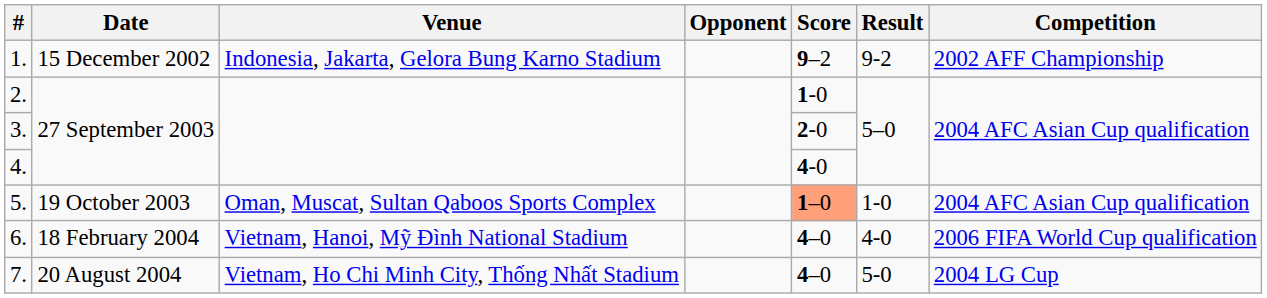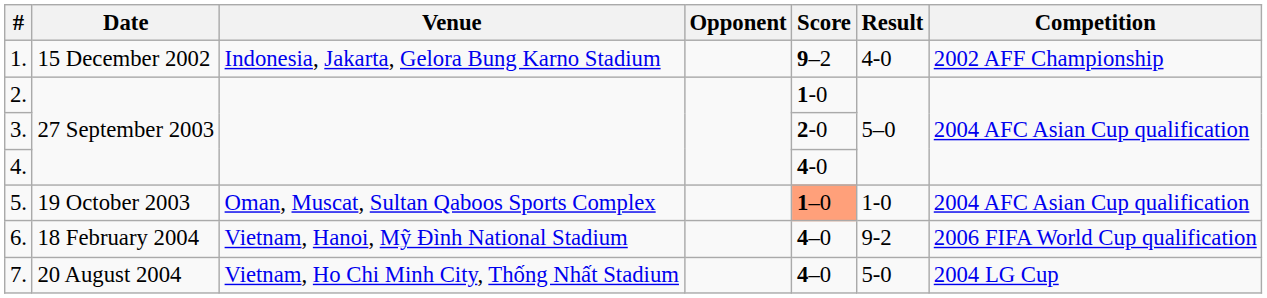 <table class="wikitable collapsible collapsed">
 <tr>
 <th>#</th>
 <th>Date</th>
 <th>Venue</th>
 <th>Opponent</th>
 <th>Score</th>
 <th>Result</th>
 <th>Competition</th>
 </tr>
 <tr>
 <td>1.</td>
 <td>15 December 2002</td>
 <td><a href='#'>Indonesia</a>, <a href='#'>Jakarta</a>, <a href='#'>Gelora Bung Karno Stadium</a></td>
 <td></td>
 <td><strong>9</strong>–2</td>
-<td>9-2</td>
+<td>4-0</td>
 <td><a href='#'>2002 AFF Championship</a></td>
 </tr>
 <tr>
 <td>2.</td>
 <td rowspan="3">27 September 2003</td>
 <td rowspan="3"></td>
 <td rowspan="3"></td>
 <td><strong>1</strong>-0</td>
 <td rowspan="3">5–0</td>
 <td rowspan="3"><a href='#'>2004 AFC Asian Cup qualification</a></td>
 </tr>
 <tr>
 <td>3.</td>
 <td><strong>2</strong>-0</td>
 </tr>
 <tr>
 <td>4.</td>
 <td><strong>4</strong>-0</td>
 </tr>
 <tr>
 <td>5.</td>
 <td>19 October 2003</td>
 <td><a href='#'>Oman</a>, <a href='#'>Muscat</a>, <a href='#'>Sultan Qaboos Sports Complex</a></td>
 <td></td>
 <td style="background: lightsalmon;"><strong>1</strong>–0</td>
 <td>1-0</td>
 <td><a href='#'>2004 AFC Asian Cup qualification</a></td>
 </tr>
 <tr>
 <td>6.</td>
 <td>18 February 2004</td>
 <td><a href='#'>Vietnam</a>, <a href='#'>Hanoi</a>, <a href='#'>Mỹ Đình National Stadium</a></td>
 <td></td>
 <td><strong>4</strong>–0</td>
-<td>4-0</td>
+<td>9-2</td>
 <td><a href='#'>2006 FIFA World Cup qualification</a></td>
 </tr>
 <tr>
 <td>7.</td>
 <td>20 August 2004</td>
 <td><a href='#'>Vietnam</a>, <a href='#'>Ho Chi Minh City</a>, <a href='#'>Thống Nhất Stadium</a></td>
 <td></td>
 <td><strong>4</strong>–0</td>
 <td>5-0</td>
 <td><a href='#'>2004 LG Cup</a></td>
 </tr>
 </table>
